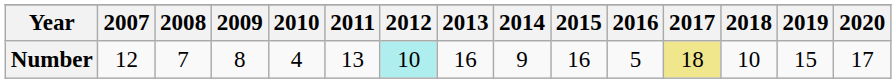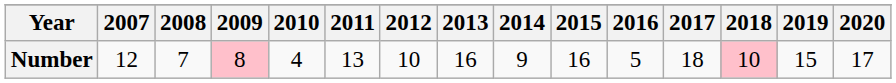 <table class="wikitable" style="width: 600px; text-align: center; font-size: 1em; margin: 0.4em auto;">
 <tr>
 </tr>
 <tr>
 <th>Year</th>
 <th>2007</th>
 <th>2008</th>
 <th>2009</th>
 <th>2010</th>
 <th>2011</th>
 <th>2012</th>
 <th>2013</th>
 <th>2014</th>
 <th>2015</th>
 <th>2016</th>
 <th>2017</th>
 <th>2018</th>
 <th>2019</th>
 <th>2020</th>
 </tr>
 <tr>
 <th>Number</th>
 <td>12</td>
 <td>7</td>
-<td>8</td>
+<td style="background: pink;">8</td>
 <td>4</td>
 <td>13</td>
-<td style="background: paleturquoise;">10</td>
+<td>10</td>
 <td>16</td>
 <td>9</td>
 <td>16</td>
 <td>5</td>
-<td style="background: khaki;">18</td>
-<td>10</td>
+<td>18</td>
+<td style="background: pink;">10</td>
 <td>15</td>
 <td>17</td>
 </tr>
 </table>
